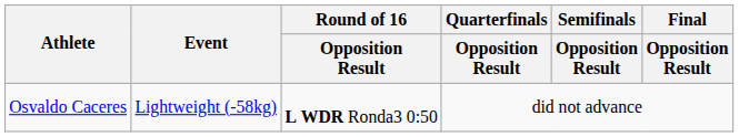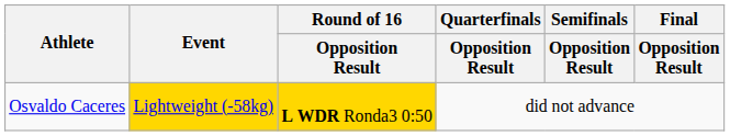 <table class="wikitable" style="font-size:90%">
 <tr>
 <th rowspan=2>Athlete</th>
 <th rowspan=2>Event</th>
 <th>Round of 16</th>
 <th>Quarterfinals</th>
 <th>Semifinals</th>
 <th>Final</th>
 </tr>
 <tr>
 <th>Opposition<br>Result</th>
 <th>Opposition<br>Result</th>
 <th>Opposition<br>Result</th>
 <th>Opposition<br>Result</th>
 </tr>
 <tr>
 <td><a href='#'>Osvaldo Caceres</a></td>
-<td><a href='#'>Lightweight (-58kg)</a></td>
-<td align=center><br><strong>L</strong> <strong>WDR</strong> Ronda3 0:50</td>
+<td style="background: gold;"><a href='#'>Lightweight (-58kg)</a></td>
+<td align=center style="background: gold;"><br><strong>L</strong> <strong>WDR</strong> Ronda3 0:50</td>
 <td align=center colspan="7">did not advance</td>
 </tr>
 </table>
